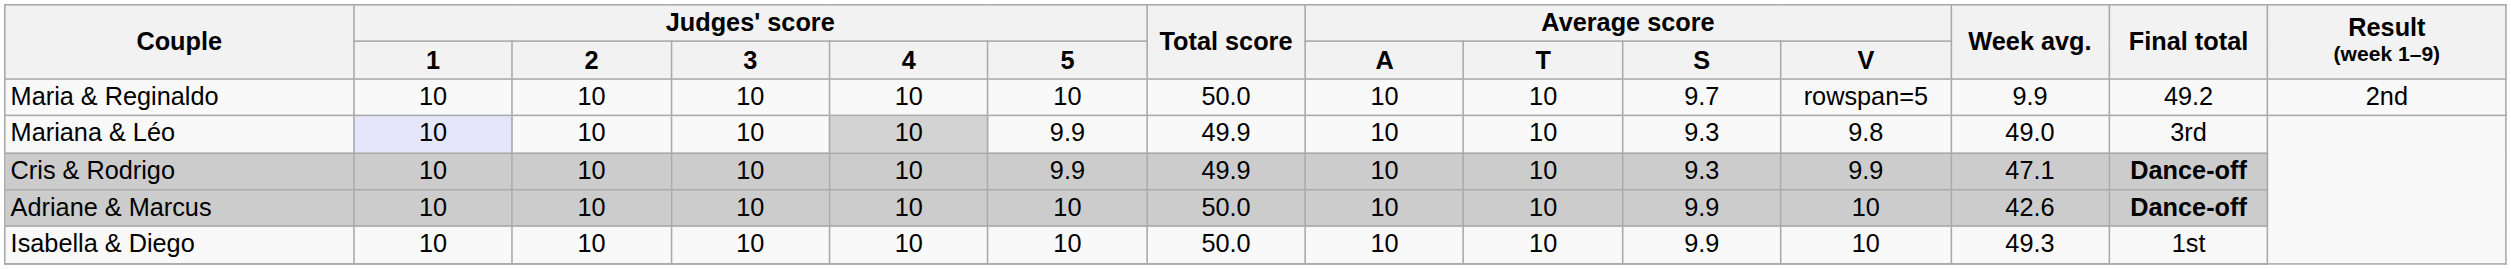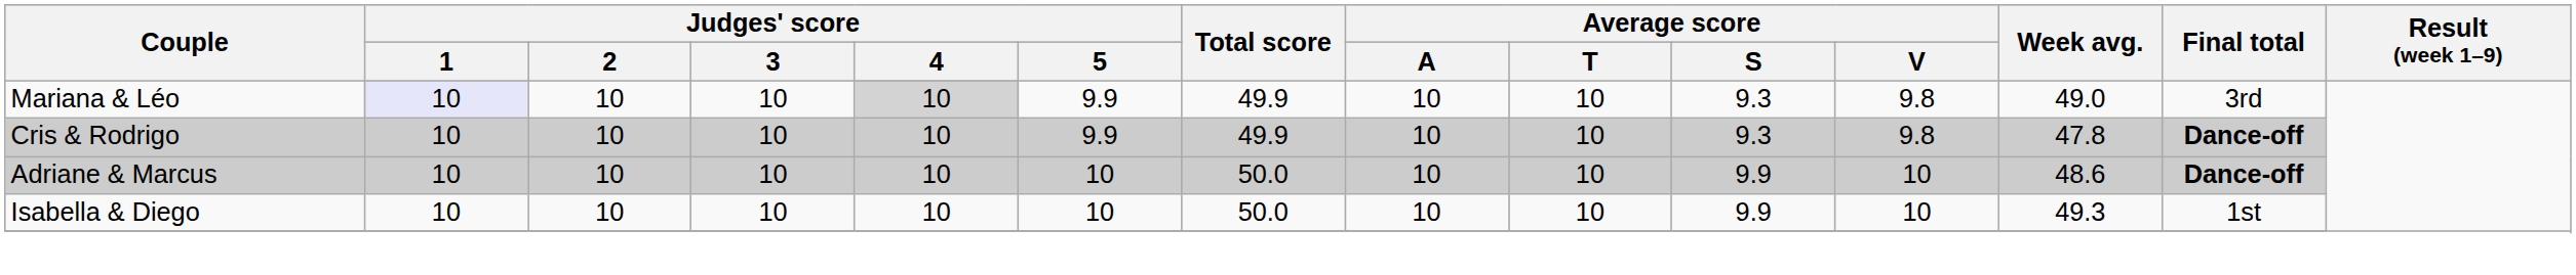 <table class="wikitable" style="font-size:100%; line-height:16px; text-align:center" width="100%">
 <tr>
 <th rowspan=2 style="width:11.0%;">Couple</th>
 <th colspan=5 style="width:25.0%;">Judges' score</th>
 <th rowspan=2 style="width:05.0%;">Total score</th>
 <th colspan=4 style="width:20.0%;">Average score</th>
 <th rowspan=2 style="width:05.0%;">Week avg.</th>
 <th rowspan=2 style="width:05.0%;">Final total</th>
 <th rowspan=2 style="width:07.5%;">Result <br> <small> (week 1–9) </small></th>
 </tr>
 <tr>
 <th style="width:05.0%;">1</th>
 <th style="width:05.0%;">2</th>
 <th style="width:05.0%;">3</th>
 <th style="width:05.0%;">4</th>
 <th style="width:05.0%;">5</th>
 <th style="width:05.0%;">A</th>
 <th style="width:05.0%;">T</th>
 <th style="width:05.0%;">S</th>
 <th style="width:05.0%;">V</th>
-</tr>
-<tr>
-<td align="left">Maria & Reginaldo</td>
-<td>10</td>
-<td>10</td>
-<td>10</td>
-<td>10</td>
-<td>10</td>
-<td>50.0</td>
-<td>10</td>
-<td>10</td>
-<td>9.7</td>
-<td>rowspan=5 </td>
-<td>9.9</td>
-<td>49.2</td>
-<td>2nd</td>
 </tr>
 <tr>
 <td align="left">Mariana & Léo</td>
 <td style="background: lavender;">10</td>
 <td>10</td>
 <td>10</td>
 <td style="background: lightgrey;">10</td>
 <td>9.9</td>
 <td>49.9</td>
 <td>10</td>
 <td>10</td>
 <td>9.3</td>
 <td>9.8</td>
 <td>49.0</td>
 <td>3rd</td>
 </tr>
 <tr bgcolor="CCCCCC">
 <td align="left">Cris & Rodrigo</td>
 <td>10</td>
 <td>10</td>
 <td>10</td>
 <td>10</td>
 <td>9.9</td>
 <td>49.9</td>
 <td>10</td>
 <td>10</td>
 <td>9.3</td>
-<td>9.9</td>
-<td>47.1</td>
+<td>9.8</td>
+<td>47.8</td>
 <td><strong>Dance-off</strong></td>
 </tr>
 <tr bgcolor="CCCCCC">
 <td align="left">Adriane & Marcus</td>
 <td>10</td>
 <td>10</td>
 <td>10</td>
 <td>10</td>
 <td>10</td>
 <td>50.0</td>
 <td>10</td>
 <td>10</td>
 <td>9.9</td>
 <td>10</td>
-<td>42.6</td>
+<td>48.6</td>
 <td><strong>Dance-off</strong></td>
 </tr>
 <tr>
 <td align="left">Isabella & Diego</td>
 <td>10</td>
 <td>10</td>
 <td>10</td>
 <td>10</td>
 <td>10</td>
 <td>50.0</td>
 <td>10</td>
 <td>10</td>
 <td>9.9</td>
 <td>10</td>
 <td>49.3</td>
 <td>1st</td>
 </tr>
 <tr>
 </tr>
 </table>
